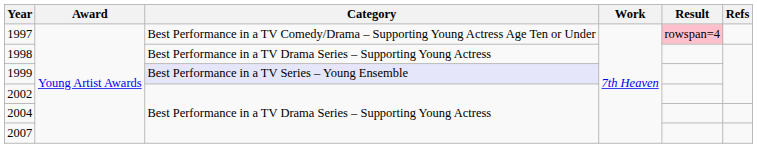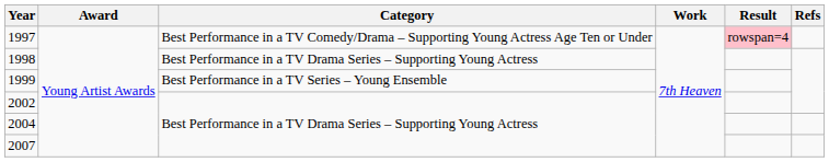 <table class="wikitable sortable plainrowheaders">
 <tr>
 <th>Year</th>
 <th>Award</th>
 <th>Category</th>
 <th>Work</th>
 <th>Result</th>
 <th class="unsortable">Refs</th>
 </tr>
 <tr>
 <td style="text-align:center;">1997</td>
 <td rowspan=6><a href='#'>Young Artist Awards</a></td>
 <td>Best Performance in a TV Comedy/Drama – Supporting Young Actress Age Ten or Under</td>
 <td rowspan=6><em><a href='#'>7th Heaven</a></em></td>
 <td style="background: pink;">rowspan=4 </td>
 <td style="text-align:center;"></td>
 </tr>
 <tr>
 <td style="text-align:center;">1998</td>
 <td>Best Performance in a TV Drama Series – Supporting Young Actress</td>
 <td style="text-align:center;"></td>
 </tr>
 <tr>
 <td style="text-align:center;">1999</td>
-<td style="background: lavender;">Best Performance in a TV Series – Young Ensemble<br></td>
+<td>Best Performance in a TV Series – Young Ensemble<br></td>
 <td style="text-align:center;"></td>
 </tr>
 <tr>
 <td style="text-align:center;">2002</td>
 <td rowspan=3>Best Performance in a TV Drama Series – Supporting Young Actress</td>
 <td style="text-align:center;"></td>
 </tr>
 <tr>
 <td style="text-align:center;">2004</td>
 <td></td>
 <td style="text-align:center;"></td>
 </tr>
 <tr>
 <td style="text-align:center;">2007</td>
 <td></td>
 <td style="text-align:center;"></td>
 </tr>
 </table>
